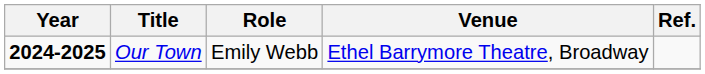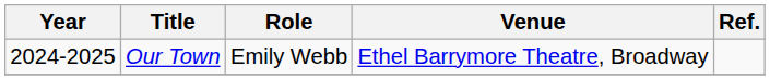 <table class="wikitable unsortable">
 <tr>
 <th>Year</th>
 <th>Title</th>
 <th>Role</th>
 <th>Venue</th>
 <th class="unsortable">Ref.</th>
 </tr>
 <tr>
-<td><strong>2024-2025</strong></td>
+<td>2024-2025</td>
 <td><em><a href='#'>Our Town</a></em></td>
 <td>Emily Webb</td>
 <td><a href='#'>Ethel Barrymore Theatre</a>, Broadway</td>
 <td></td>
 </tr>
 <tr>
 </tr>
 </table>
